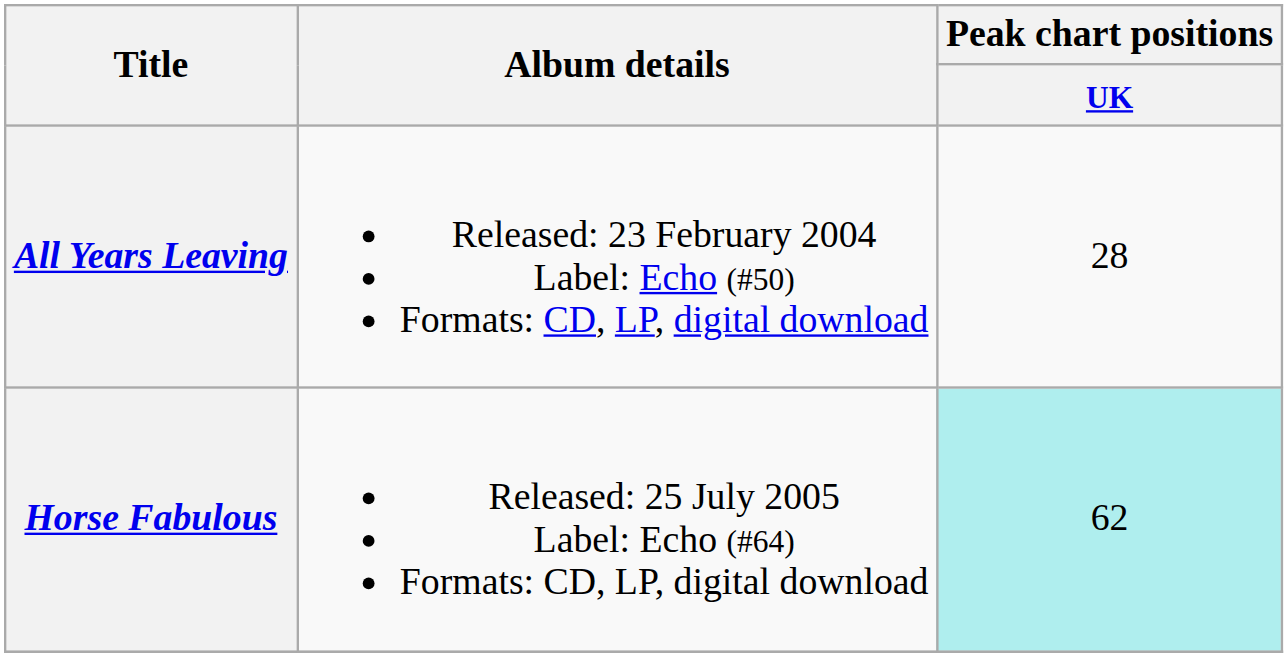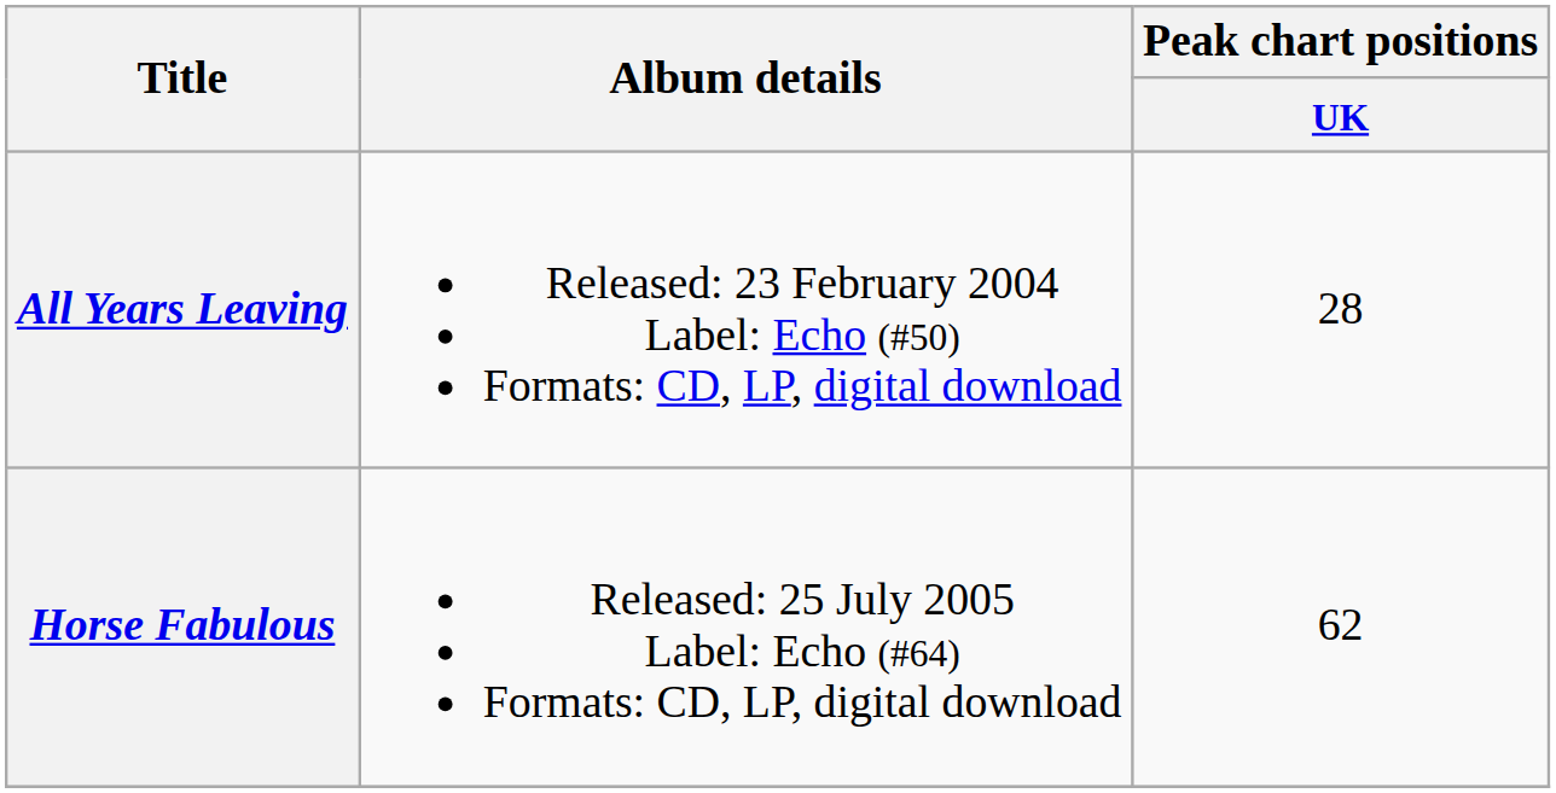 <table class="wikitable plainrowheaders" style="text-align:center;">
 <tr>
 <th scope="col" rowspan="2">Title</th>
 <th scope="col" rowspan="2">Album details</th>
 <th scope="col" colspan="2">Peak chart positions</th>
 </tr>
 <tr>
 <th><small><a href='#'>UK</a></small><br></th>
 </tr>
 <tr>
 <th scope="row"><em><a href='#'>All Years Leaving</a></em></th>
 <td><br><ul><li>Released: 23 February 2004</li><li>Label: <a href='#'>Echo</a> <small>(#50)</small></li><li>Formats: <a href='#'>CD</a>, <a href='#'>LP</a>, <a href='#'>digital download</a></li></ul></td>
 <td>28</td>
 </tr>
 <tr>
 <th scope="row"><em><a href='#'>Horse Fabulous</a></em></th>
 <td><br><ul><li>Released: 25 July 2005</li><li>Label: Echo <small>(#64)</small></li><li>Formats: CD, LP, digital download</li></ul></td>
-<td style="background: paleturquoise;">62</td>
+<td>62</td>
 </tr>
 <tr>
 </tr>
 </table>
